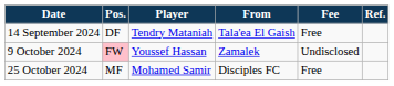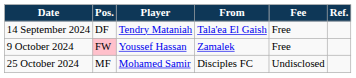 <table class="wikitable plainrowheaders sortable">
 <tr>
 <th style="background:#0e3757; color:#ffffff; ">Date</th>
 <th style="background:#0e3757; color:#ffffff; ">Pos.</th>
 <th style="background:#0e3757; color:#ffffff; ">Player</th>
 <th style="background:#0e3757; color:#ffffff; ">From</th>
 <th style="background:#0e3757; color:#ffffff; ">Fee</th>
 <th style="background:#0e3757; color:#ffffff; ">Ref.</th>
 </tr>
 <tr>
 <td>14 September 2024</td>
 <td>DF</td>
 <td> <a href='#'>Tendry Mataniah</a></td>
 <td> <a href='#'>Tala'ea El Gaish</a></td>
 <td>Free</td>
 <td></td>
 </tr>
 <tr>
 <td>9 October 2024</td>
 <td style="background: pink;">FW</td>
 <td> <a href='#'>Youssef Hassan</a></td>
 <td> <a href='#'>Zamalek</a></td>
-<td>Undisclosed</td>
+<td>Free</td>
 <td></td>
 </tr>
 <tr>
 <td>25 October 2024</td>
 <td>MF</td>
 <td> <a href='#'>Mohamed Samir</a></td>
 <td> Disciples FC</td>
-<td>Free</td>
+<td>Undisclosed</td>
 <td></td>
 </tr>
 </table>
